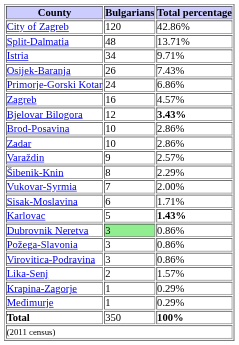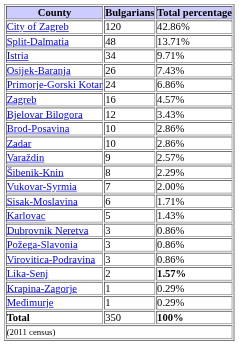 <table class="toccolours sortable" border="1" cellpadding="0" cellpadding="5">
 <tr bgcolor=#ccccff>
 <th>County</th>
 <th>Bulgarians</th>
 <th>Total percentage</th>
 </tr>
 <tr>
 <td><a href='#'>City of Zagreb</a></td>
 <td>120</td>
 <td>42.86%</td>
 </tr>
 <tr>
 <td><a href='#'>Split-Dalmatia</a></td>
 <td>48</td>
 <td>13.71%</td>
 </tr>
 <tr>
 <td><a href='#'>Istria</a></td>
 <td>34</td>
 <td>9.71%</td>
 </tr>
 <tr>
 <td><a href='#'>Osijek-Baranja</a></td>
 <td>26</td>
 <td>7.43%</td>
 </tr>
 <tr>
 <td><a href='#'>Primorje-Gorski Kotar</a></td>
 <td>24</td>
 <td>6.86%</td>
 </tr>
 <tr>
 <td><a href='#'>Zagreb</a></td>
 <td>16</td>
 <td>4.57%</td>
 </tr>
 <tr>
 <td><a href='#'>Bjelovar Bilogora</a></td>
 <td>12</td>
-<td><strong>3.43%</strong></td>
+<td>3.43%</td>
 </tr>
 <tr>
 <td><a href='#'>Brod-Posavina</a></td>
 <td>10</td>
 <td>2.86%</td>
 </tr>
 <tr>
 <td><a href='#'>Zadar</a></td>
 <td>10</td>
 <td>2.86%</td>
 </tr>
 <tr>
 <td><a href='#'>Varaždin</a></td>
 <td>9</td>
 <td>2.57%</td>
 </tr>
 <tr>
 <td><a href='#'>Šibenik-Knin</a></td>
 <td>8</td>
 <td>2.29%</td>
 </tr>
 <tr>
 <td><a href='#'>Vukovar-Syrmia</a></td>
 <td>7</td>
 <td>2.00%</td>
 </tr>
 <tr>
 <td><a href='#'>Sisak-Moslavina</a></td>
 <td>6</td>
 <td>1.71%</td>
 </tr>
 <tr>
 <td><a href='#'>Karlovac</a></td>
 <td>5</td>
-<td><strong>1.43%</strong></td>
+<td>1.43%</td>
 </tr>
 <tr>
 <td><a href='#'>Dubrovnik Neretva</a></td>
-<td style="background: lightgreen;">3</td>
+<td>3</td>
 <td>0.86%</td>
 </tr>
 <tr>
 <td><a href='#'>Požega-Slavonia</a></td>
 <td>3</td>
 <td>0.86%</td>
 </tr>
 <tr>
 <td><a href='#'>Virovitica-Podravina</a></td>
 <td>3</td>
 <td>0.86%</td>
 </tr>
 <tr>
 <td><a href='#'>Lika-Senj</a></td>
 <td>2</td>
-<td>1.57%</td>
+<td><strong>1.57%</strong></td>
 </tr>
 <tr>
 <td><a href='#'>Krapina-Zagorje</a></td>
 <td>1</td>
 <td>0.29%</td>
 </tr>
 <tr>
 <td><a href='#'>Međimurje</a></td>
 <td>1</td>
 <td>0.29%</td>
 </tr>
 <tr>
 <td><strong>Total</strong></td>
 <td>350</td>
 <td><strong>100%</strong></td>
 </tr>
 <tr>
 <td colspan=3><small>(2011 census) </small></td>
 </tr>
 </table>
